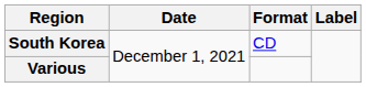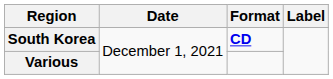 <table class="wikitable plainrowheaders">
 <tr>
 <th scope="col">Region</th>
 <th scope="col">Date</th>
 <th scope="col">Format</th>
 <th scope="col">Label</th>
 </tr>
 <tr>
 <th scope="row">South Korea</th>
 <td rowspan="2">December 1, 2021</td>
-<td><a href='#'>CD</a></td>
+<td><strong><a href='#'>CD</a></strong></td>
 <td rowspan="2"></td>
 </tr>
 <tr>
 <th scope="row">Various </th>
 <td></td>
 </tr>
 </table>
